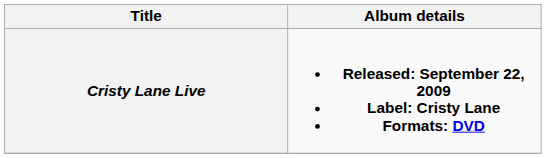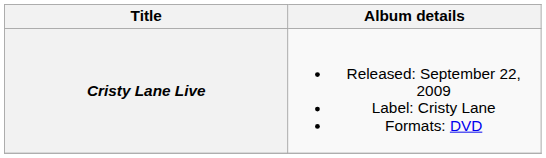 <table class="wikitable plainrowheaders" style="text-align:center;">
 <tr>
 <th scope="col" style="width:18em;">Title</th>
 <th scope="col" style="width:16em;">Album details</th>
 </tr>
 <tr>
 <th scope="row"><em>Cristy Lane Live</em></th>
-<td><strong><br><ul><li>Released: September 22, 2009</li><li>Label: Cristy Lane</li><li>Formats: <a href='#'>DVD</a></li></ul></strong></td>
+<td><br><ul><li>Released: September 22, 2009</li><li>Label: Cristy Lane</li><li>Formats: <a href='#'>DVD</a></li></ul></td>
 </tr>
 <tr>
 </tr>
 </table>
